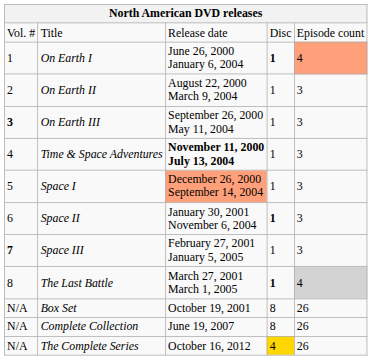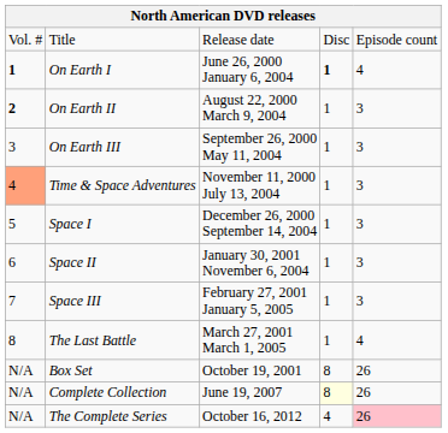 <table class="wikitable">
 <tr>
 <th colspan="5"><strong>North American DVD releases</strong></th>
 </tr>
 <tr>
 <td>Vol. #</td>
 <td>Title</td>
 <td>Release date</td>
 <td>Disc</td>
 <td>Episode count</td>
 </tr>
 <tr>
-<td>1</td>
+<td><strong>1</strong></td>
 <td><em>On Earth I</em></td>
 <td>June 26, 2000<br>January 6, 2004</td>
 <td><strong>1</strong></td>
-<td style="background: lightsalmon;">4</td>
+<td>4</td>
 </tr>
 <tr>
-<td>2</td>
+<td><strong>2</strong></td>
 <td><em>On Earth II</em></td>
 <td>August 22, 2000<br>March 9, 2004</td>
 <td>1</td>
 <td>3</td>
 </tr>
 <tr>
-<td><strong>3</strong></td>
+<td>3</td>
 <td><em>On Earth III</em></td>
 <td>September 26, 2000<br>May 11, 2004</td>
 <td>1</td>
 <td>3</td>
 </tr>
 <tr>
-<td>4</td>
+<td style="background: lightsalmon;">4</td>
 <td><em>Time & Space Adventures</em></td>
-<td><strong>November 11, 2000<br>July 13, 2004</strong></td>
+<td>November 11, 2000<br>July 13, 2004</td>
 <td>1</td>
 <td>3</td>
 </tr>
 <tr>
 <td>5</td>
 <td><em>Space I</em></td>
-<td style="background: lightsalmon;">December 26, 2000<br>September 14, 2004</td>
+<td>December 26, 2000<br>September 14, 2004</td>
 <td>1</td>
 <td>3</td>
 </tr>
 <tr>
 <td>6</td>
 <td><em>Space II</em></td>
 <td>January 30, 2001<br>November 6, 2004</td>
-<td><strong>1</strong></td>
+<td>1</td>
 <td>3</td>
 </tr>
 <tr>
-<td><strong>7</strong></td>
+<td>7</td>
 <td><em>Space III</em></td>
 <td>February 27, 2001<br>January 5, 2005</td>
 <td>1</td>
 <td>3</td>
 </tr>
 <tr>
 <td>8</td>
 <td><em>The Last Battle</em></td>
 <td>March 27, 2001<br>March 1, 2005</td>
-<td><strong>1</strong></td>
-<td style="background: lightgrey;">4</td>
+<td>1</td>
+<td>4</td>
 </tr>
 <tr>
 <td>N/A</td>
 <td><em>Box Set</em></td>
 <td>October 19, 2001</td>
 <td>8</td>
 <td>26</td>
 </tr>
 <tr>
 <td>N/A</td>
 <td><em>Complete Collection</em></td>
 <td>June 19, 2007</td>
-<td>8</td>
+<td style="background: lightyellow;">8</td>
 <td>26</td>
 </tr>
 <tr>
 <td>N/A</td>
 <td><em>The Complete Series</em></td>
 <td>October 16, 2012</td>
-<td style="background: gold;">4</td>
-<td>26</td>
+<td>4</td>
+<td style="background: pink;">26</td>
 </tr>
 </table>
